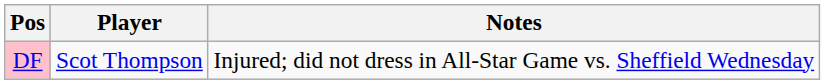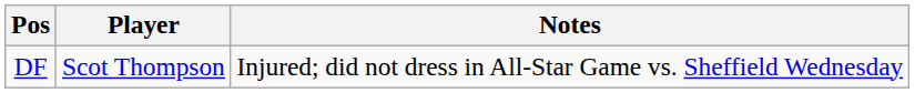 <table class=wikitable>
 <tr>
 <th>Pos</th>
 <th>Player</th>
 <th>Notes</th>
 </tr>
 <tr>
-<td align="center" style="background: pink;"><a href='#'>DF</a></td>
+<td align="center"><a href='#'>DF</a></td>
 <td> <a href='#'>Scot Thompson</a></td>
 <td>Injured; did not dress in All-Star Game vs.  <a href='#'>Sheffield Wednesday</a></td>
 </tr>
 </table>
